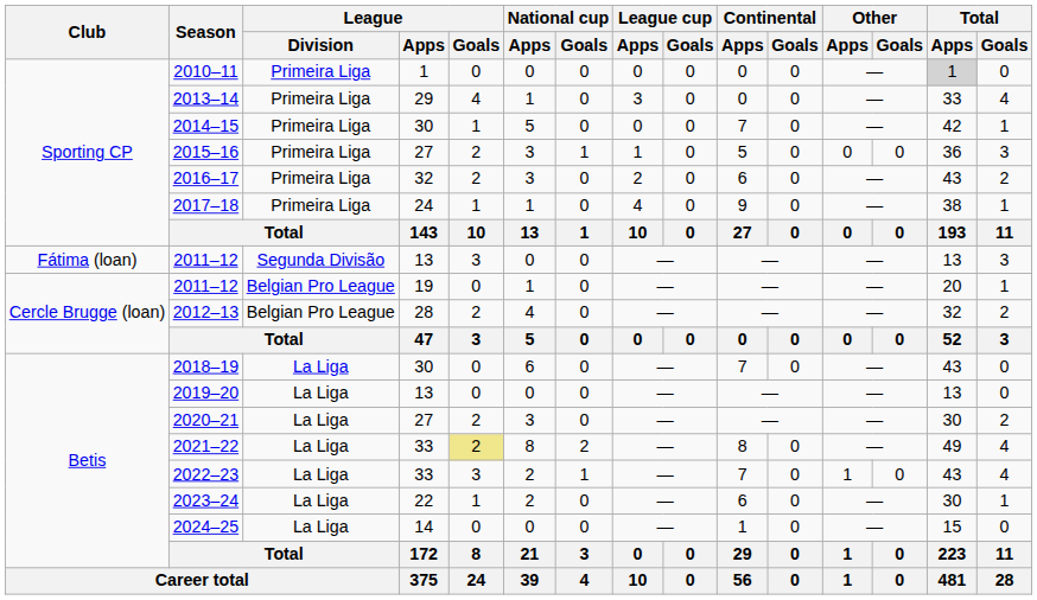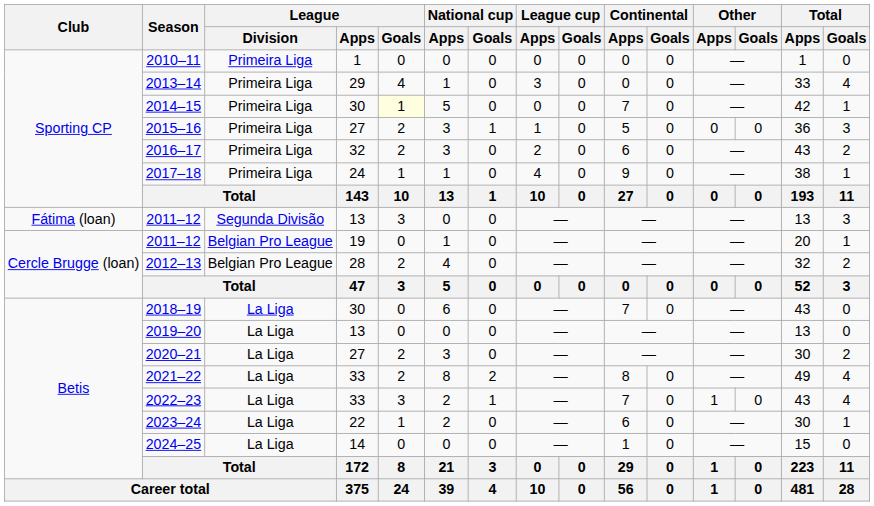 <table class="wikitable" style="text-align:center">
 <tr>
 <th rowspan="2">Club</th>
 <th rowspan="2">Season</th>
 <th colspan="3">League</th>
 <th colspan="2">National cup</th>
 <th colspan="2">League cup</th>
 <th colspan="2">Continental</th>
 <th colspan="2">Other</th>
 <th colspan="2">Total</th>
 </tr>
 <tr>
 <th>Division</th>
 <th>Apps</th>
 <th>Goals</th>
 <th>Apps</th>
 <th>Goals</th>
 <th>Apps</th>
 <th>Goals</th>
 <th>Apps</th>
 <th>Goals</th>
 <th>Apps</th>
 <th>Goals</th>
 <th>Apps</th>
 <th>Goals</th>
 </tr>
 <tr>
 <td rowspan="7"><a href='#'>Sporting CP</a></td>
 <td><a href='#'>2010–11</a></td>
 <td><a href='#'>Primeira Liga</a></td>
 <td>1</td>
 <td>0</td>
 <td>0</td>
 <td>0</td>
 <td>0</td>
 <td>0</td>
 <td>0</td>
 <td>0</td>
 <td colspan="2">—</td>
-<td style="background: lightgrey;">1</td>
+<td>1</td>
 <td>0</td>
 </tr>
 <tr>
 <td><a href='#'>2013–14</a></td>
 <td>Primeira Liga</td>
 <td>29</td>
 <td>4</td>
 <td>1</td>
 <td>0</td>
 <td>3</td>
 <td>0</td>
 <td>0</td>
 <td>0</td>
 <td colspan="2">—</td>
 <td>33</td>
 <td>4</td>
 </tr>
 <tr>
 <td><a href='#'>2014–15</a></td>
 <td>Primeira Liga</td>
 <td>30</td>
-<td>1</td>
+<td style="background: lightyellow;">1</td>
 <td>5</td>
 <td>0</td>
 <td>0</td>
 <td>0</td>
 <td>7</td>
 <td>0</td>
 <td colspan="2">—</td>
 <td>42</td>
 <td>1</td>
 </tr>
 <tr>
 <td><a href='#'>2015–16</a></td>
 <td>Primeira Liga</td>
 <td>27</td>
 <td>2</td>
 <td>3</td>
 <td>1</td>
 <td>1</td>
 <td>0</td>
 <td>5</td>
 <td>0</td>
 <td>0</td>
 <td>0</td>
 <td>36</td>
 <td>3</td>
 </tr>
 <tr>
 <td><a href='#'>2016–17</a></td>
 <td>Primeira Liga</td>
 <td>32</td>
 <td>2</td>
 <td>3</td>
 <td>0</td>
 <td>2</td>
 <td>0</td>
 <td>6</td>
 <td>0</td>
 <td colspan="2">—</td>
 <td>43</td>
 <td>2</td>
 </tr>
 <tr>
 <td><a href='#'>2017–18</a></td>
 <td>Primeira Liga</td>
 <td>24</td>
 <td>1</td>
 <td>1</td>
 <td>0</td>
 <td>4</td>
 <td>0</td>
 <td>9</td>
 <td>0</td>
 <td colspan="2">—</td>
 <td>38</td>
 <td>1</td>
 </tr>
 <tr>
 <th colspan="2">Total</th>
 <th>143</th>
 <th>10</th>
 <th>13</th>
 <th>1</th>
 <th>10</th>
 <th>0</th>
 <th>27</th>
 <th>0</th>
 <th>0</th>
 <th>0</th>
 <th>193</th>
 <th>11</th>
 </tr>
 <tr>
 <td><a href='#'>Fátima</a> (loan)</td>
 <td><a href='#'>2011–12</a></td>
 <td><a href='#'>Segunda Divisão</a></td>
 <td>13</td>
 <td>3</td>
 <td>0</td>
 <td>0</td>
 <td colspan="2">—</td>
 <td colspan="2">—</td>
 <td colspan="2">—</td>
 <td>13</td>
 <td>3</td>
 </tr>
 <tr>
 <td rowspan="3"><a href='#'>Cercle Brugge</a> (loan)</td>
 <td><a href='#'>2011–12</a></td>
 <td><a href='#'>Belgian Pro League</a></td>
 <td>19</td>
 <td>0</td>
 <td>1</td>
 <td>0</td>
 <td colspan="2">—</td>
 <td colspan="2">—</td>
 <td colspan="2">—</td>
 <td>20</td>
 <td>1</td>
 </tr>
 <tr>
 <td><a href='#'>2012–13</a></td>
 <td>Belgian Pro League</td>
 <td>28</td>
 <td>2</td>
 <td>4</td>
 <td>0</td>
 <td colspan="2">—</td>
 <td colspan="2">—</td>
 <td colspan="2">—</td>
 <td>32</td>
 <td>2</td>
 </tr>
 <tr>
 <th colspan="2">Total</th>
 <th>47</th>
 <th>3</th>
 <th>5</th>
 <th>0</th>
 <th>0</th>
 <th>0</th>
 <th>0</th>
 <th>0</th>
 <th>0</th>
 <th>0</th>
 <th>52</th>
 <th>3</th>
 </tr>
 <tr>
 <td rowspan="8"><a href='#'>Betis</a></td>
 <td><a href='#'>2018–19</a></td>
 <td><a href='#'>La Liga</a></td>
 <td>30</td>
 <td>0</td>
 <td>6</td>
 <td>0</td>
 <td colspan="2">—</td>
 <td>7</td>
 <td>0</td>
 <td colspan="2">—</td>
 <td>43</td>
 <td>0</td>
 </tr>
 <tr>
 <td><a href='#'>2019–20</a></td>
 <td>La Liga</td>
 <td>13</td>
 <td>0</td>
 <td>0</td>
 <td>0</td>
 <td colspan="2">—</td>
 <td colspan="2">—</td>
 <td colspan="2">—</td>
 <td>13</td>
 <td>0</td>
 </tr>
 <tr>
 <td><a href='#'>2020–21</a></td>
 <td>La Liga</td>
 <td>27</td>
 <td>2</td>
 <td>3</td>
 <td>0</td>
 <td colspan="2">—</td>
 <td colspan="2">—</td>
 <td colspan="2">—</td>
 <td>30</td>
 <td>2</td>
 </tr>
 <tr>
 <td><a href='#'>2021–22</a></td>
 <td>La Liga</td>
 <td>33</td>
-<td style="background: khaki;">2</td>
+<td>2</td>
 <td>8</td>
 <td>2</td>
 <td colspan="2">—</td>
 <td>8</td>
 <td>0</td>
 <td colspan="2">—</td>
 <td>49</td>
 <td>4</td>
 </tr>
 <tr>
 <td><a href='#'>2022–23</a></td>
 <td>La Liga</td>
 <td>33</td>
 <td>3</td>
 <td>2</td>
 <td>1</td>
 <td colspan="2">—</td>
 <td>7</td>
 <td>0</td>
 <td>1</td>
 <td>0</td>
 <td>43</td>
 <td>4</td>
 </tr>
 <tr>
 <td><a href='#'>2023–24</a></td>
 <td>La Liga</td>
 <td>22</td>
 <td>1</td>
 <td>2</td>
 <td>0</td>
 <td colspan="2">—</td>
 <td>6</td>
 <td>0</td>
 <td colspan="2">—</td>
 <td>30</td>
 <td>1</td>
 </tr>
 <tr>
 <td><a href='#'>2024–25</a></td>
 <td>La Liga</td>
 <td>14</td>
 <td>0</td>
 <td>0</td>
 <td>0</td>
 <td colspan="2">—</td>
 <td>1</td>
 <td>0</td>
 <td colspan="2">—</td>
 <td>15</td>
 <td>0</td>
 </tr>
 <tr>
 <th colspan="2">Total</th>
 <th>172</th>
 <th>8</th>
 <th>21</th>
 <th>3</th>
 <th>0</th>
 <th>0</th>
 <th>29</th>
 <th>0</th>
 <th>1</th>
 <th>0</th>
 <th>223</th>
 <th>11</th>
 </tr>
 <tr>
 <th colspan="3">Career total</th>
 <th>375</th>
 <th>24</th>
 <th>39</th>
 <th>4</th>
 <th>10</th>
 <th>0</th>
 <th>56</th>
 <th>0</th>
 <th>1</th>
 <th>0</th>
 <th>481</th>
 <th>28</th>
 </tr>
 </table>
